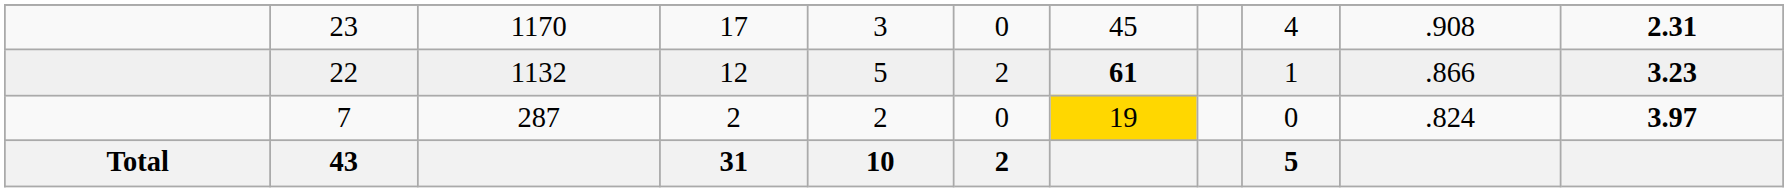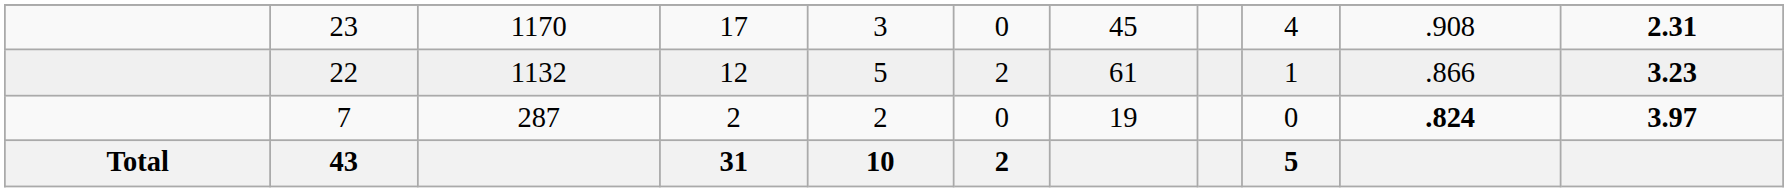 <table class="wikitable sortable" width ="1000">
 <tr align="center">
 </tr>
 <tr align="center">
 <td></td>
 <td>23</td>
 <td>1170</td>
 <td>17</td>
 <td>3</td>
 <td>0</td>
 <td>45</td>
 <td></td>
 <td>4</td>
 <td>.908</td>
 <td><strong>2.31</strong></td>
 </tr>
 <tr align="center" bgcolor="#f0f0f0">
 <td></td>
 <td>22</td>
 <td>1132</td>
 <td>12</td>
 <td>5</td>
 <td>2</td>
-<td><strong>61</strong></td>
+<td>61</td>
 <td></td>
 <td>1</td>
 <td>.866</td>
 <td><strong>3.23</strong></td>
 </tr>
 <tr align="center">
 <td></td>
 <td>7</td>
 <td>287</td>
 <td>2</td>
 <td>2</td>
 <td>0</td>
-<td style="background: gold;">19</td>
+<td>19</td>
 <td></td>
 <td>0</td>
-<td>.824</td>
+<td><strong>.824</strong></td>
 <td><strong>3.97</strong></td>
 </tr>
 <tr>
 <th>Total</th>
 <th>43</th>
 <th></th>
 <th>31</th>
 <th>10</th>
 <th>2</th>
 <th></th>
 <th></th>
 <th>5</th>
 <th></th>
 <th></th>
 </tr>
 </table>
